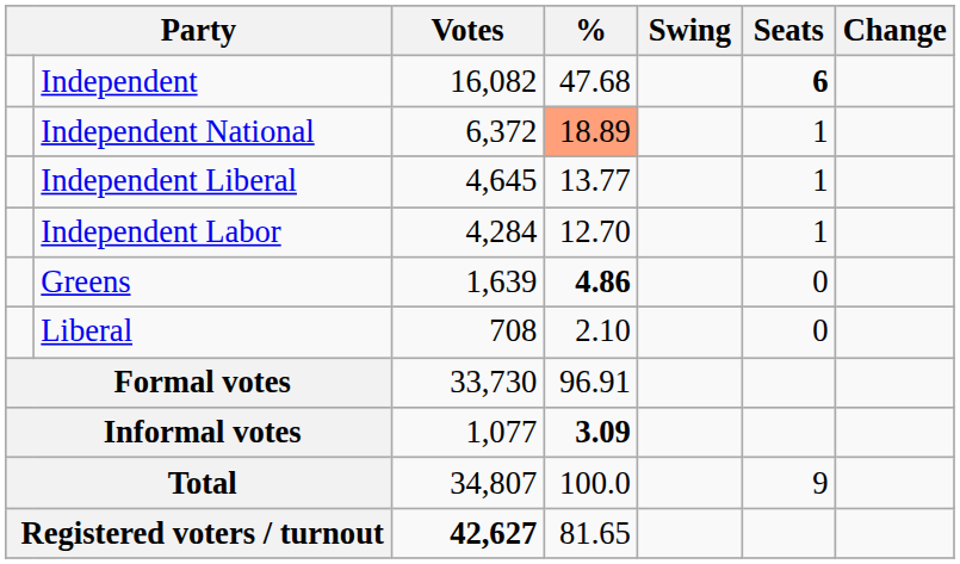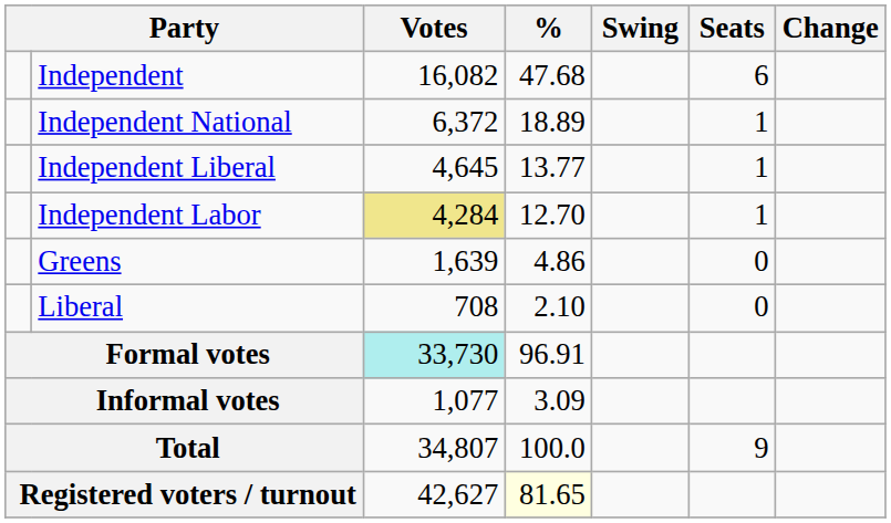 <table class="wikitable" style="text-align:right; margin-bottom:0">
 <tr>
 <th style="width:10px" colspan=3>Party</th>
 <th style="width:70px;">Votes</th>
 <th style="width:40px;">%</th>
 <th style="width:40px;">Swing</th>
 <th style="width:40px;">Seats</th>
 <th style="width:40px;">Change</th>
 </tr>
 <tr>
 <td> </td>
 <td style="text-align:left;" colspan="2"><a href='#'>Independent</a></td>
 <td style="width:70px;">16,082</td>
 <td style="width:40px;">47.68</td>
 <td style="width:45px;"></td>
-<td style="width:40px;"><strong>6</strong></td>
+<td style="width:40px;">6</td>
 <td style="width:40px;"></td>
 </tr>
 <tr>
 <td> </td>
 <td style="text-align:left;" colspan="2"><a href='#'>Independent National</a></td>
 <td>6,372</td>
-<td style="background: lightsalmon;">18.89</td>
+<td>18.89</td>
 <td></td>
 <td>1</td>
 <td></td>
 </tr>
 <tr>
 <td> </td>
 <td style="text-align:left;" colspan="2"><a href='#'>Independent Liberal</a></td>
 <td>4,645</td>
 <td>13.77</td>
 <td></td>
 <td>1</td>
 <td></td>
 </tr>
 <tr>
 <td> </td>
 <td style="text-align:left;" colspan="2"><a href='#'>Independent Labor</a></td>
-<td>4,284</td>
+<td style="background: khaki;">4,284</td>
 <td>12.70</td>
 <td></td>
 <td>1</td>
 <td></td>
 </tr>
 <tr>
 <td> </td>
 <td style="text-align:left;" colspan="2"><a href='#'>Greens</a></td>
 <td>1,639</td>
-<td><strong>4.86</strong></td>
+<td>4.86</td>
 <td></td>
 <td>0</td>
 <td></td>
 </tr>
 <tr>
 <td> </td>
 <td style="text-align:left;" colspan="2"><a href='#'>Liberal</a></td>
 <td>708</td>
 <td>2.10</td>
 <td></td>
 <td>0</td>
 <td></td>
 </tr>
 <tr>
 <th colspan="3" rowspan="1"> Formal votes</th>
-<td>33,730</td>
+<td style="background: paleturquoise;">33,730</td>
 <td>96.91</td>
 <td></td>
 <td></td>
 <td></td>
 </tr>
 <tr>
 <th colspan="3" rowspan="1"> Informal votes</th>
 <td>1,077</td>
-<td><strong>3.09</strong></td>
+<td>3.09</td>
 <td></td>
 <td></td>
 <td></td>
 </tr>
 <tr>
 <th colspan="3" rowspan="1"> Total</th>
 <td>34,807</td>
 <td>100.0</td>
 <td></td>
 <td>9</td>
 <td></td>
 </tr>
 <tr>
 <th colspan="3" rowspan="1"> Registered voters / turnout</th>
-<td><strong>42,627</strong></td>
-<td>81.65</td>
+<td>42,627</td>
+<td style="background: lightyellow;">81.65</td>
 <td></td>
 <td></td>
 <td></td>
 </tr>
 </table>
